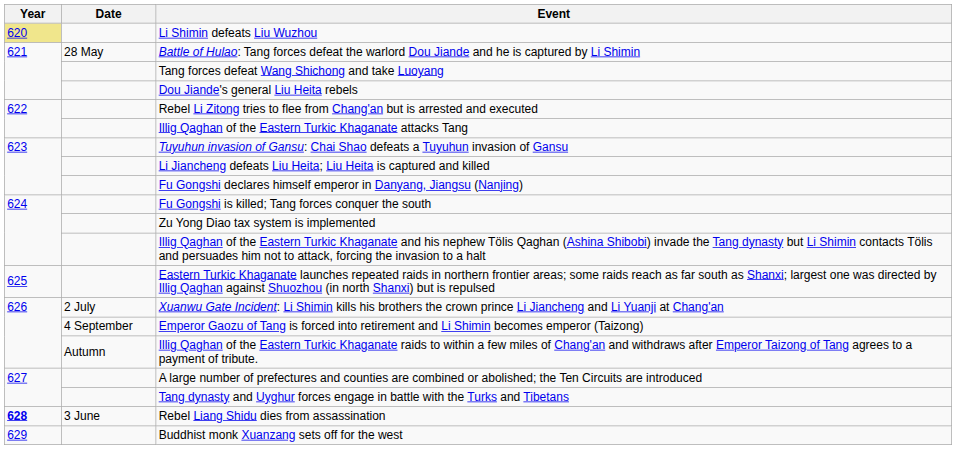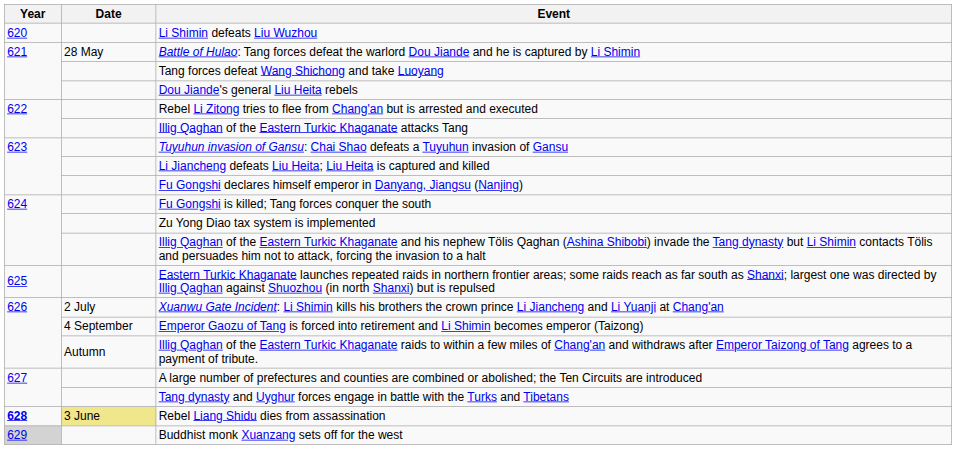 <table class="wikitable" width="100%">
 <tr>
 <th style="width:6%">Year</th>
 <th style="width:10%">Date</th>
 <th>Event</th>
 </tr>
 <tr>
-<td style="background: khaki;"><a href='#'>620</a></td>
+<td><a href='#'>620</a></td>
 <td></td>
 <td><a href='#'>Li Shimin</a> defeats <a href='#'>Liu Wuzhou</a></td>
 </tr>
 <tr>
 <td rowspan="3" valign="top"><a href='#'>621</a></td>
 <td>28 May</td>
 <td><em><a href='#'>Battle of Hulao</a></em>: Tang forces defeat the warlord <a href='#'>Dou Jiande</a> and he is captured by <a href='#'>Li Shimin</a></td>
 </tr>
 <tr>
 <td></td>
 <td>Tang forces defeat <a href='#'>Wang Shichong</a> and take <a href='#'>Luoyang</a></td>
 </tr>
 <tr>
 <td></td>
 <td><a href='#'>Dou Jiande</a>'s general <a href='#'>Liu Heita</a> rebels</td>
 </tr>
 <tr>
 <td rowspan="2" valign="top"><a href='#'>622</a></td>
 <td></td>
 <td>Rebel <a href='#'>Li Zitong</a> tries to flee from <a href='#'>Chang'an</a> but is arrested and executed</td>
 </tr>
 <tr>
 <td></td>
 <td><a href='#'>Illig Qaghan</a> of the <a href='#'>Eastern Turkic Khaganate</a> attacks Tang</td>
 </tr>
 <tr>
 <td rowspan="3" valign="top"><a href='#'>623</a></td>
 <td></td>
 <td><em><a href='#'>Tuyuhun invasion of Gansu</a></em>: <a href='#'>Chai Shao</a> defeats a <a href='#'>Tuyuhun</a> invasion of <a href='#'>Gansu</a></td>
 </tr>
 <tr>
 <td></td>
 <td><a href='#'>Li Jiancheng</a> defeats <a href='#'>Liu Heita</a>; <a href='#'>Liu Heita</a> is captured and killed</td>
 </tr>
 <tr>
 <td></td>
 <td><a href='#'>Fu Gongshi</a> declares himself emperor in <a href='#'>Danyang, Jiangsu</a> (<a href='#'>Nanjing</a>)</td>
 </tr>
 <tr>
 <td rowspan="3" valign="top"><a href='#'>624</a></td>
 <td></td>
 <td><a href='#'>Fu Gongshi</a> is killed; Tang forces conquer the south</td>
 </tr>
 <tr>
 <td></td>
 <td>Zu Yong Diao tax system is implemented</td>
 </tr>
 <tr>
 <td></td>
 <td><a href='#'>Illig Qaghan</a> of the <a href='#'>Eastern Turkic Khaganate</a> and his nephew Tölis Qaghan (<a href='#'>Ashina Shibobi</a>) invade the <a href='#'>Tang dynasty</a> but <a href='#'>Li Shimin</a> contacts Tölis and persuades him not to attack, forcing the invasion to a halt</td>
 </tr>
 <tr>
 <td><a href='#'>625</a></td>
 <td></td>
 <td><a href='#'>Eastern Turkic Khaganate</a> launches repeated raids in northern frontier areas; some raids reach as far south as <a href='#'>Shanxi</a>; largest one was directed by <a href='#'>Illig Qaghan</a> against <a href='#'>Shuozhou</a> (in north <a href='#'>Shanxi</a>) but is repulsed</td>
 </tr>
 <tr>
 <td rowspan="3" valign="top"><a href='#'>626</a></td>
 <td>2 July</td>
 <td><em><a href='#'>Xuanwu Gate Incident</a></em>: <a href='#'>Li Shimin</a> kills his brothers the crown prince <a href='#'>Li Jiancheng</a> and <a href='#'>Li Yuanji</a> at <a href='#'>Chang'an</a></td>
 </tr>
 <tr>
 <td>4 September</td>
 <td><a href='#'>Emperor Gaozu of Tang</a> is forced into retirement and <a href='#'>Li Shimin</a> becomes emperor (Taizong)</td>
 </tr>
 <tr>
 <td>Autumn</td>
 <td><a href='#'>Illig Qaghan</a> of the <a href='#'>Eastern Turkic Khaganate</a> raids to within a few miles of <a href='#'>Chang'an</a> and withdraws after <a href='#'>Emperor Taizong of Tang</a> agrees to a payment of tribute.</td>
 </tr>
 <tr>
 <td rowspan="2" valign="top"><a href='#'>627</a></td>
 <td></td>
 <td>A large number of prefectures and counties are combined or abolished; the Ten Circuits are introduced</td>
 </tr>
 <tr>
 <td></td>
 <td><a href='#'>Tang dynasty</a> and <a href='#'>Uyghur</a> forces engage in battle with the <a href='#'>Turks</a> and <a href='#'>Tibetans</a></td>
 </tr>
 <tr>
 <td><strong><a href='#'>628</a></strong></td>
-<td>3 June</td>
+<td style="background: khaki;">3 June</td>
 <td>Rebel <a href='#'>Liang Shidu</a> dies from assassination</td>
 </tr>
 <tr>
-<td><a href='#'>629</a></td>
+<td style="background: lightgrey;"><a href='#'>629</a></td>
 <td></td>
 <td>Buddhist monk <a href='#'>Xuanzang</a> sets off for the west</td>
 </tr>
 </table>
